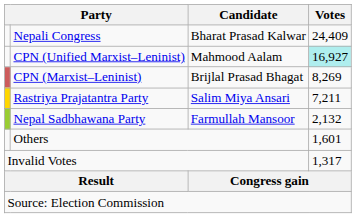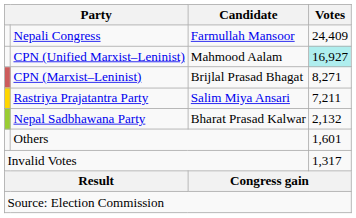 <table class="wikitable">
 <tr>
 <th colspan="2">Party</th>
 <th>Candidate</th>
 <th>Votes</th>
 </tr>
 <tr>
 <td style="background-color:"></td>
 <td><a href='#'>Nepali Congress</a></td>
-<td>Bharat Prasad Kalwar</td>
+<td><a href='#'>Farmullah Mansoor</a></td>
 <td>24,409</td>
 </tr>
 <tr>
 <td style="background-color:"></td>
 <td><a href='#'>CPN (Unified Marxist–Leninist)</a></td>
 <td>Mahmood Aalam</td>
 <td style="background: paleturquoise;">16,927</td>
 </tr>
 <tr>
 <td style="background-color:indianred"></td>
 <td><a href='#'>CPN (Marxist–Leninist)</a></td>
 <td>Brijlal Prasad Bhagat</td>
-<td>8,269</td>
+<td>8,271</td>
 </tr>
 <tr>
 <td style="background-color:gold"></td>
 <td><a href='#'>Rastriya Prajatantra Party</a></td>
 <td><a href='#'>Salim Miya Ansari</a></td>
 <td>7,211</td>
 </tr>
 <tr>
 <td style="background-color:yellowgreen"></td>
 <td><a href='#'>Nepal Sadbhawana Party</a></td>
-<td><a href='#'>Farmullah Mansoor</a></td>
+<td>Bharat Prasad Kalwar</td>
 <td>2,132</td>
 </tr>
 <tr>
 <td></td>
 <td colspan="2">Others</td>
 <td>1,601</td>
 </tr>
 <tr>
 <td colspan="3">Invalid Votes</td>
 <td>1,317</td>
 </tr>
 <tr>
 <th colspan="2">Result</th>
 <th colspan="2">Congress gain</th>
 </tr>
 <tr>
 <td colspan="4">Source: Election Commission</td>
 </tr>
 </table>
